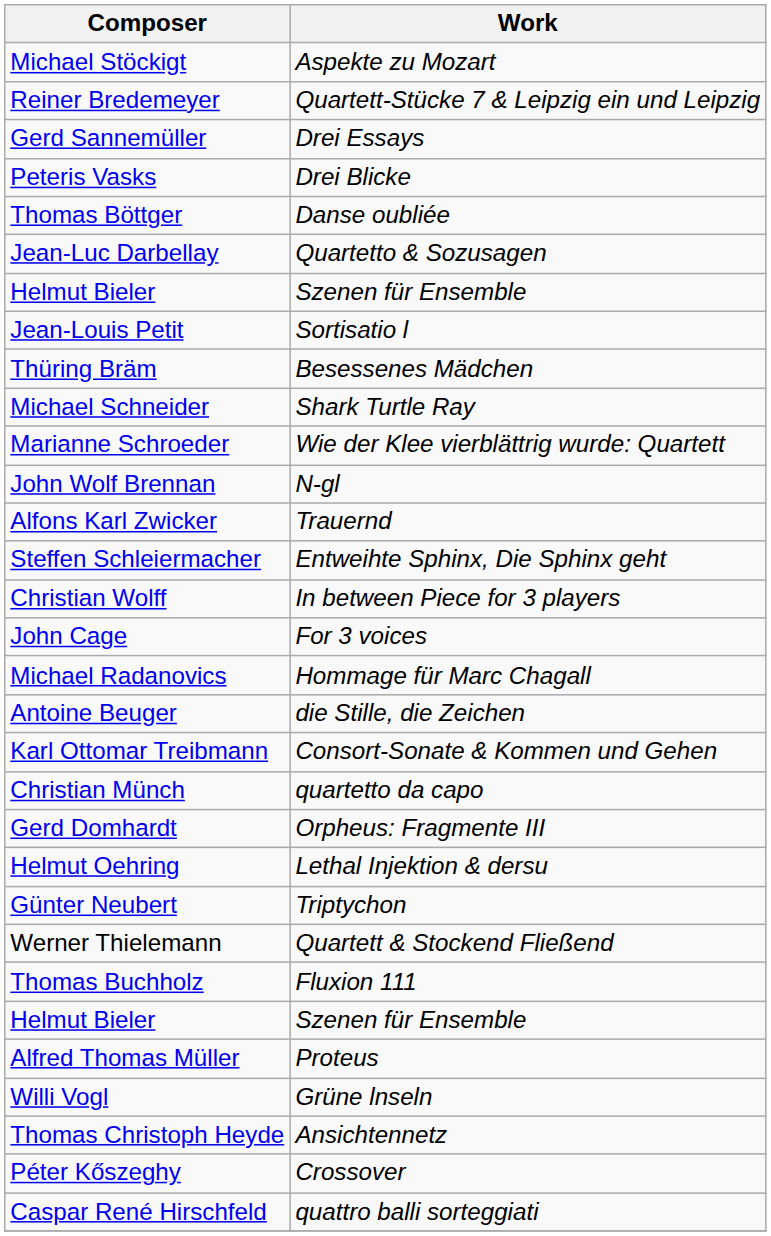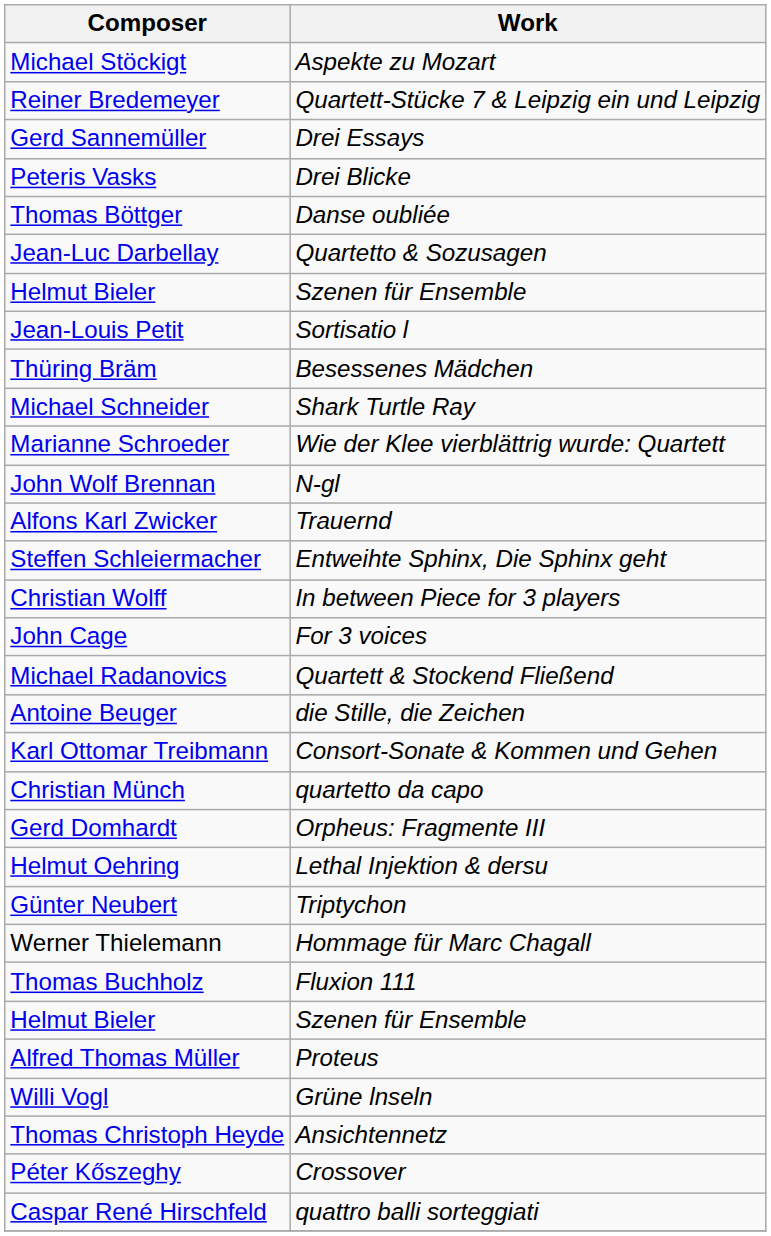 <table class="wikitable sortable" |>
 <tr class="hintergrundfarbe6">
 <th>Composer</th>
 <th>Work</th>
 </tr>
 <tr>
 <td><a href='#'>Michael Stöckigt</a></td>
 <td><em>Aspekte zu Mozart</em></td>
 </tr>
 <tr>
 <td><a href='#'>Reiner Bredemeyer</a></td>
 <td><em>Quartett-Stücke 7 & Leipzig ein und Leipzig</em></td>
 </tr>
 <tr>
 <td><a href='#'>Gerd Sannemüller</a></td>
 <td><em>Drei Essays</em></td>
 </tr>
 <tr>
 <td><a href='#'>Peteris Vasks</a></td>
 <td><em>Drei Blicke</em></td>
 </tr>
 <tr>
 <td><a href='#'>Thomas Böttger</a></td>
 <td><em>Danse oubliée</em></td>
 </tr>
 <tr>
 <td><a href='#'>Jean-Luc Darbellay</a></td>
 <td><em>Quartetto & Sozusagen</em></td>
 </tr>
 <tr>
 <td><a href='#'>Helmut Bieler</a></td>
 <td><em>Szenen für Ensemble</em></td>
 </tr>
 <tr>
 <td><a href='#'>Jean-Louis Petit</a></td>
 <td><em>Sortisatio l</em></td>
 </tr>
 <tr>
 <td><a href='#'>Thüring Bräm</a></td>
 <td><em>Besessenes Mädchen</em></td>
 </tr>
 <tr>
 <td><a href='#'>Michael Schneider</a></td>
 <td><em>Shark Turtle Ray</em></td>
 </tr>
 <tr>
 <td><a href='#'>Marianne Schroeder</a></td>
 <td><em>Wie der Klee vierblättrig wurde: Quartett</em></td>
 </tr>
 <tr>
 <td><a href='#'>John Wolf Brennan</a></td>
 <td><em>N-gl</em></td>
 </tr>
 <tr>
 <td><a href='#'>Alfons Karl Zwicker</a></td>
 <td><em>Trauernd</em></td>
 </tr>
 <tr>
 <td><a href='#'>Steffen Schleiermacher</a></td>
 <td><em>Entweihte Sphinx, Die Sphinx geht</em></td>
 </tr>
 <tr>
 <td><a href='#'>Christian Wolff</a></td>
 <td><em>In between Piece for 3 players</em></td>
 </tr>
 <tr>
 <td><a href='#'>John Cage</a></td>
 <td><em> For 3 voices</em></td>
 </tr>
 <tr>
 <td><a href='#'>Michael Radanovics</a></td>
-<td><em>Hommage für Marc Chagall</em></td>
+<td><em>Quartett & Stockend Fließend</em></td>
 </tr>
 <tr>
 <td><a href='#'>Antoine Beuger</a></td>
 <td><em>die Stille, die Zeichen</em></td>
 </tr>
 <tr>
 <td><a href='#'>Karl Ottomar Treibmann</a></td>
 <td><em>Consort-Sonate & Kommen und Gehen</em></td>
 </tr>
 <tr>
 <td><a href='#'>Christian Münch</a></td>
 <td><em>quartetto da capo</em></td>
 </tr>
 <tr>
 <td><a href='#'>Gerd Domhardt</a></td>
 <td><em>Orpheus: Fragmente III</em></td>
 </tr>
 <tr>
 <td><a href='#'>Helmut Oehring</a></td>
 <td><em>Lethal Injektion & dersu</em></td>
 </tr>
 <tr>
 <td><a href='#'>Günter Neubert</a></td>
 <td><em>Triptychon</em></td>
 </tr>
 <tr>
 <td>Werner Thielemann</td>
-<td><em>Quartett & Stockend Fließend</em></td>
+<td><em>Hommage für Marc Chagall</em></td>
 </tr>
 <tr>
 <td><a href='#'>Thomas Buchholz</a></td>
 <td><em>Fluxion 111</em></td>
 </tr>
 <tr>
 <td><a href='#'>Helmut Bieler</a></td>
 <td><em>Szenen für Ensemble</em></td>
 </tr>
 <tr>
 <td><a href='#'>Alfred Thomas Müller</a></td>
 <td><em>Proteus</em></td>
 </tr>
 <tr>
 <td><a href='#'>Willi Vogl</a></td>
 <td><em>Grüne lnseln</em></td>
 </tr>
 <tr>
 <td><a href='#'>Thomas Christoph Heyde</a></td>
 <td><em>Ansichtennetz</em></td>
 </tr>
 <tr>
 <td><a href='#'>Péter Kőszeghy</a></td>
 <td><em>Crossover</em></td>
 </tr>
 <tr>
 <td><a href='#'>Caspar René Hirschfeld</a></td>
 <td><em>quattro balli sorteggiati</em></td>
 </tr>
 <tr>
 </tr>
 </table>
